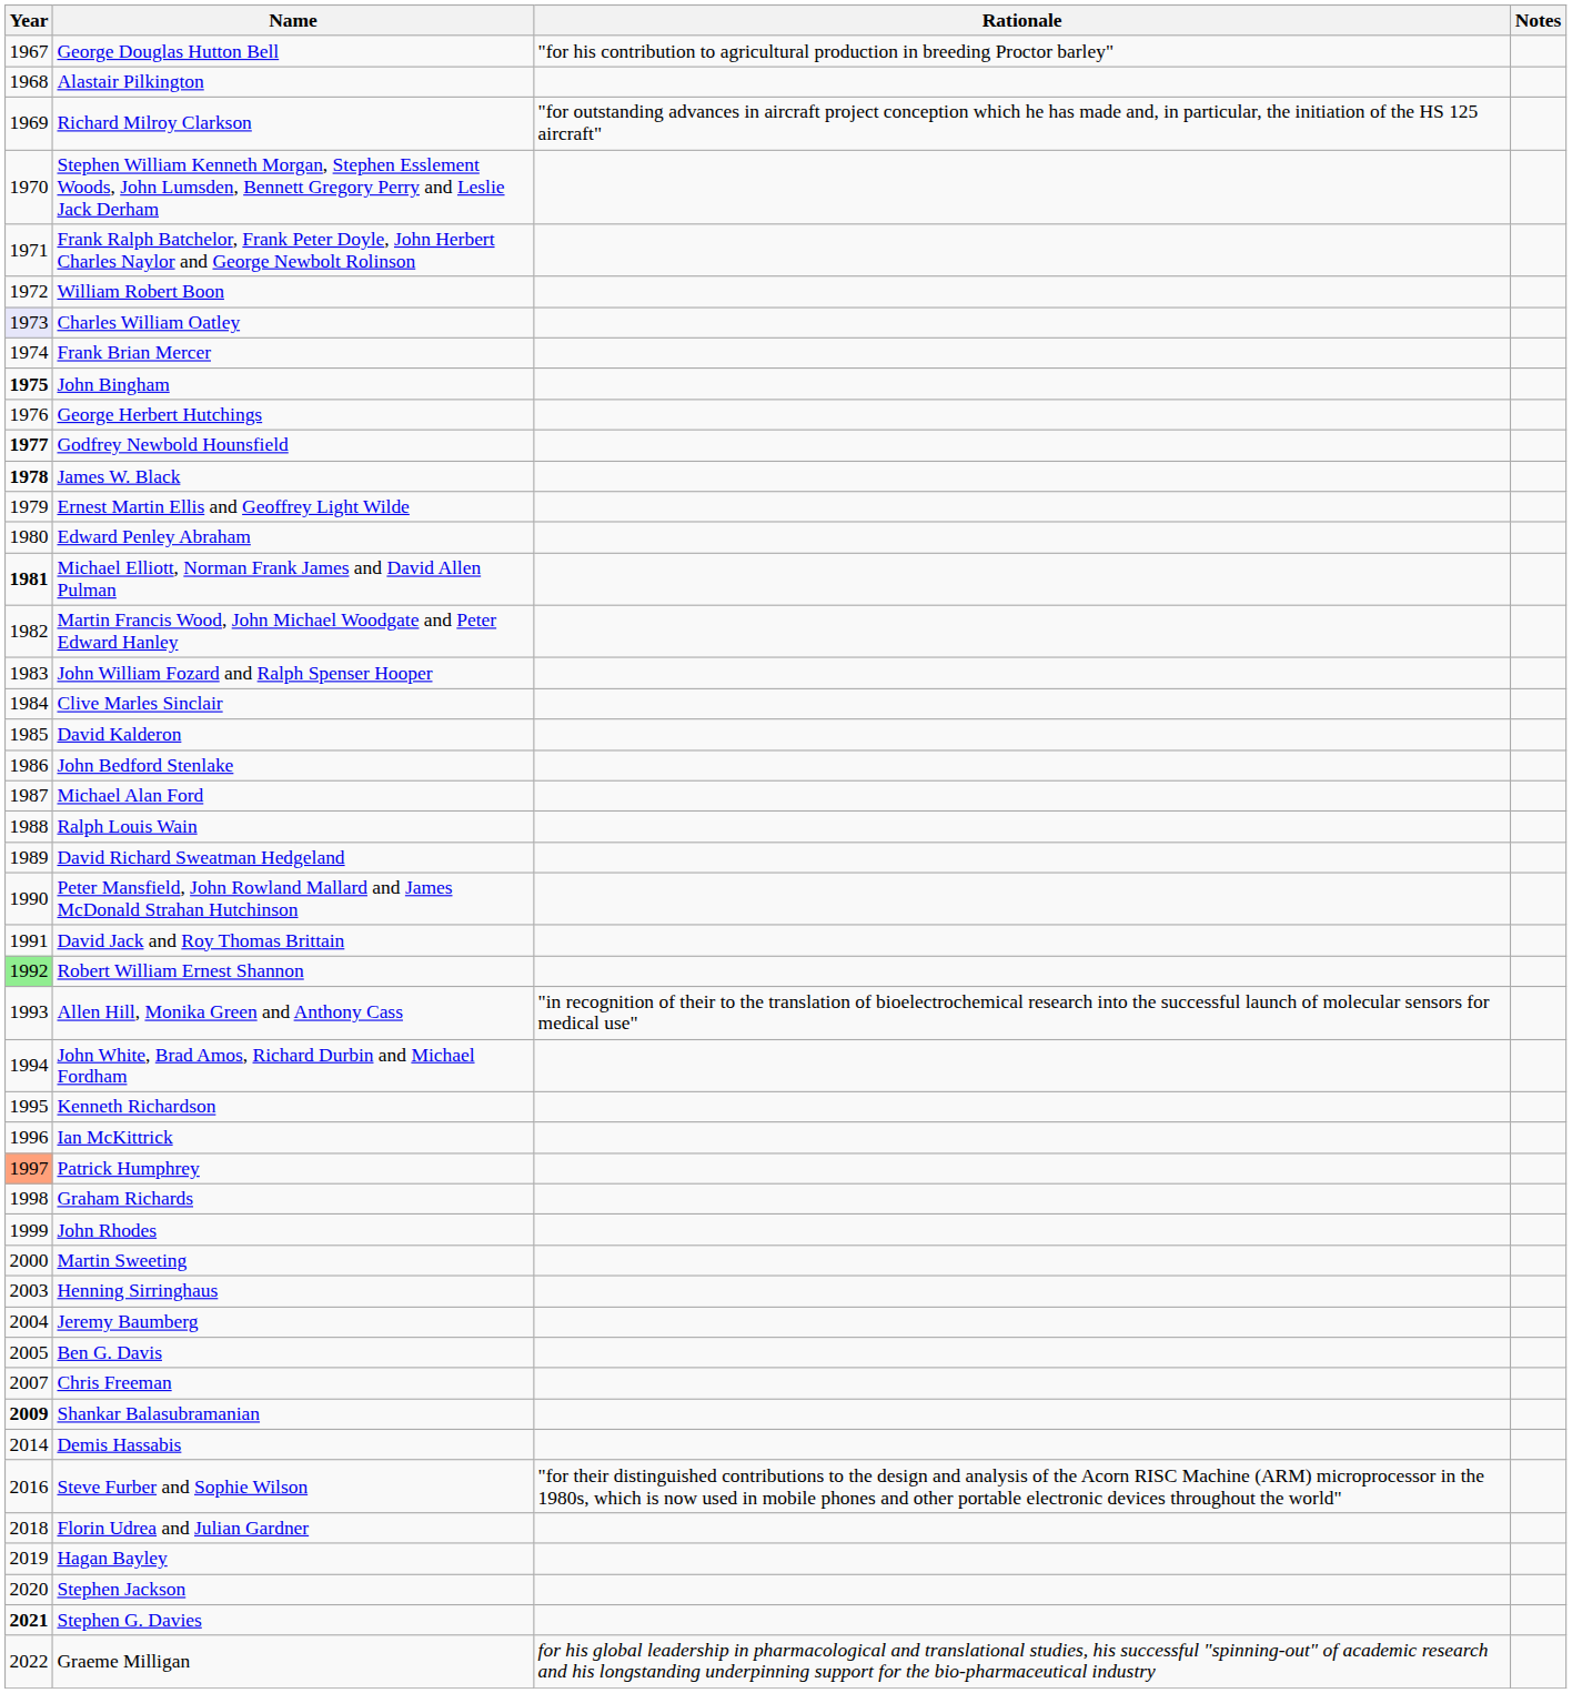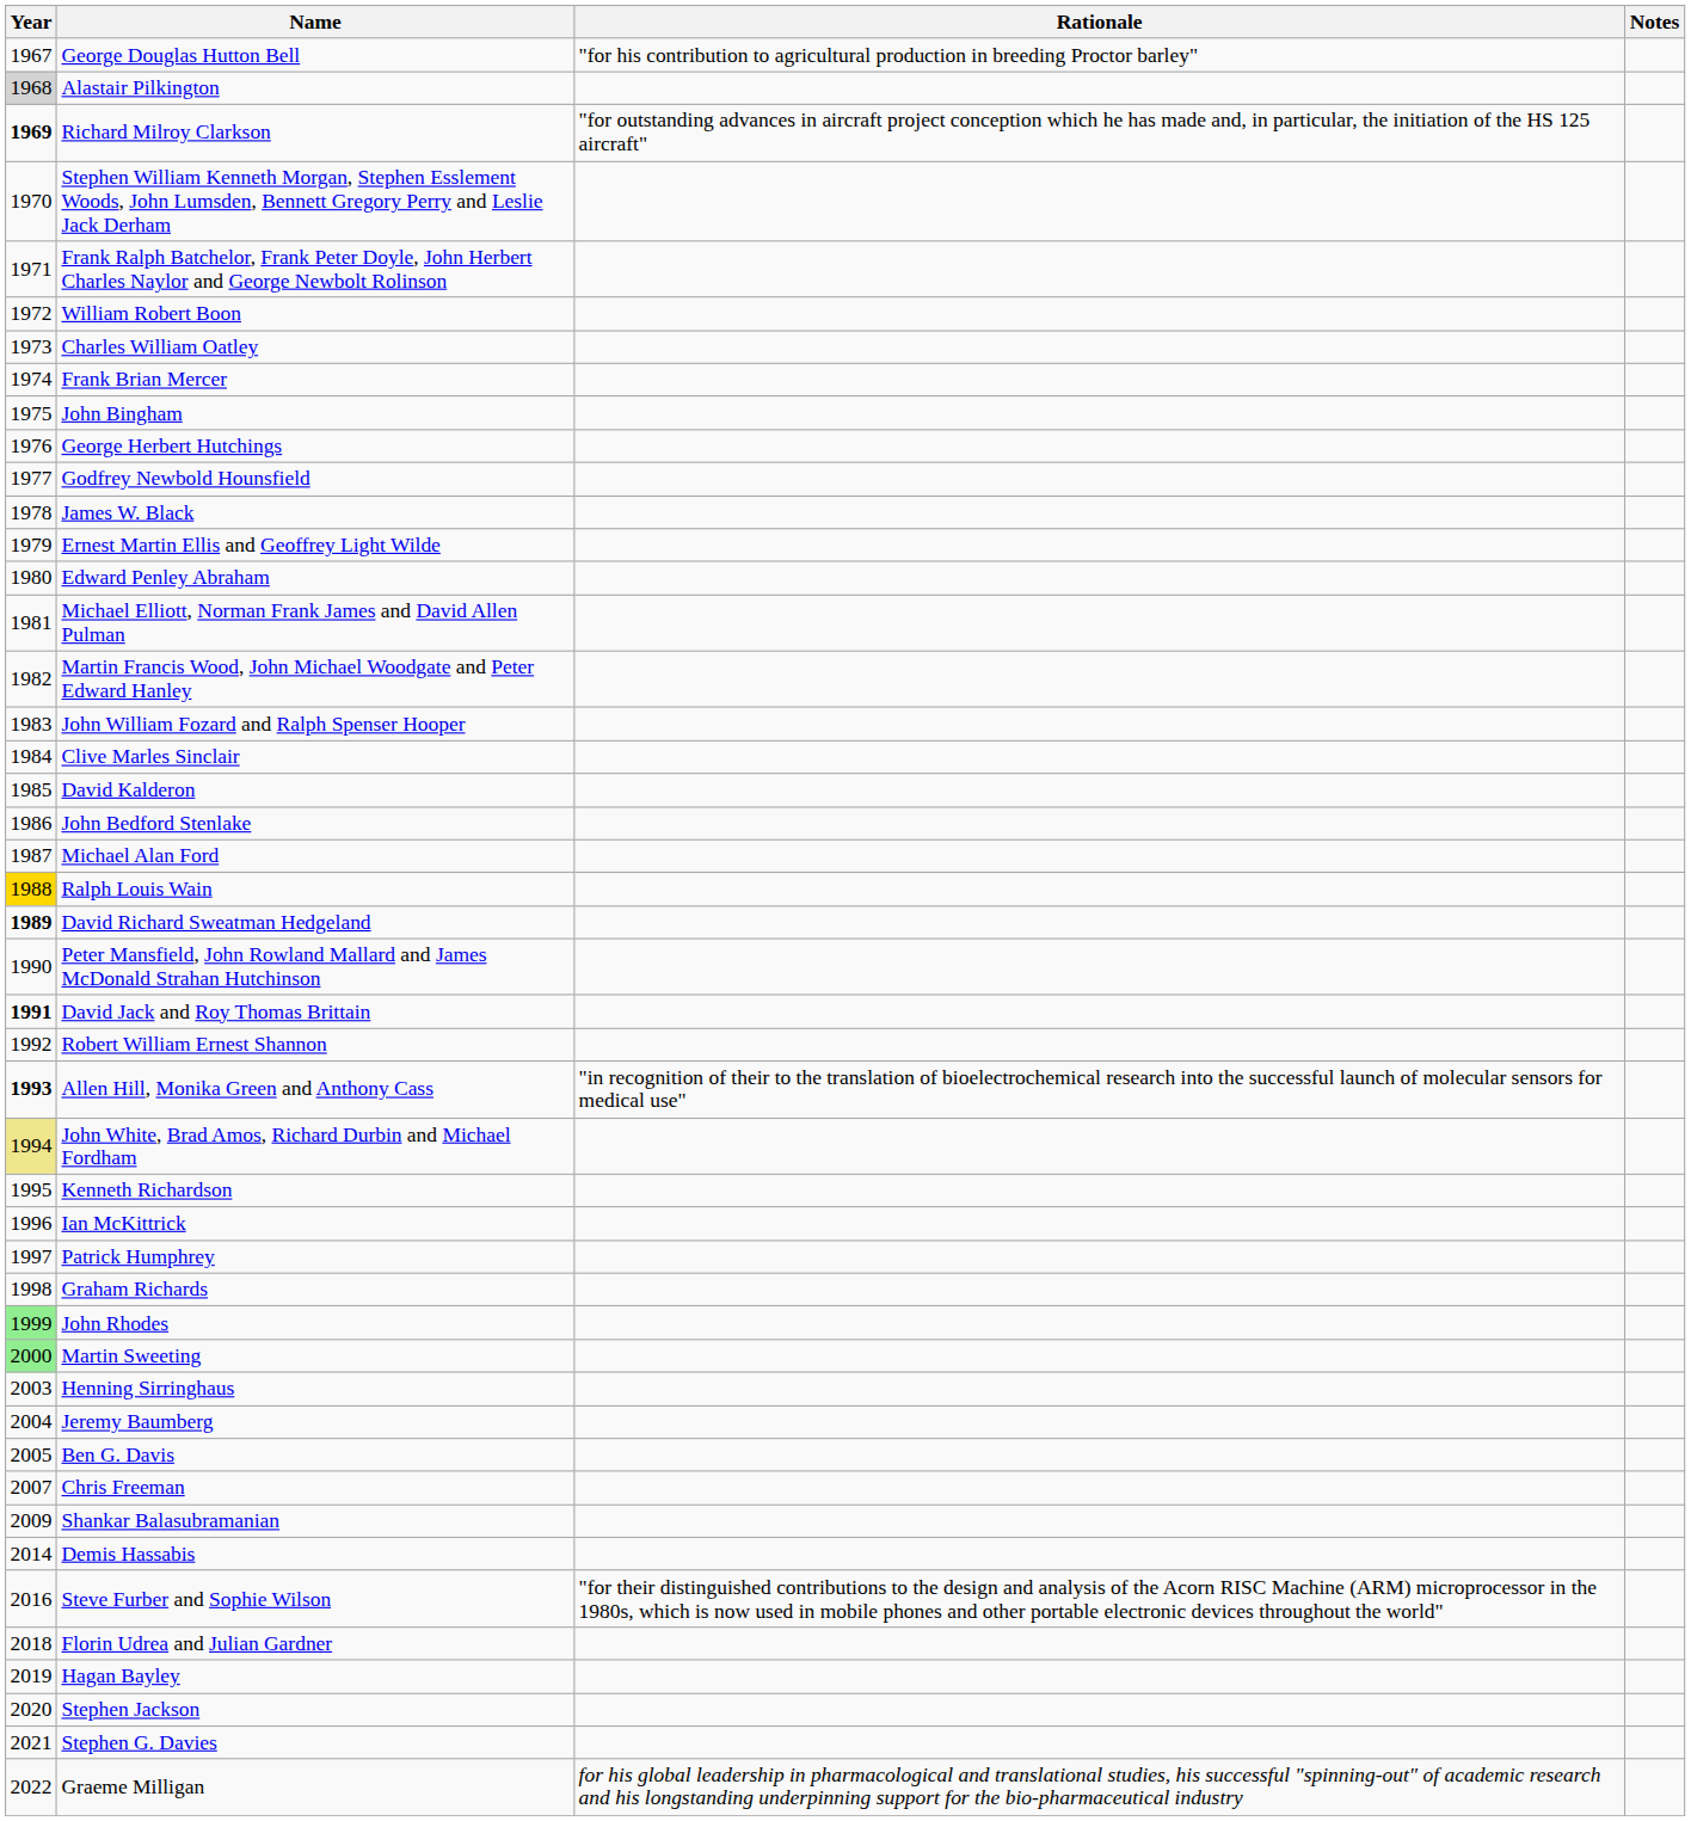 <table class="wikitable sortable" border="1" style="align:left;">
 <tr>
 <th width="4">Year</th>
 <th width="390"class="unsortable">Name</th>
 <th width="800" class="unsortable">Rationale</th>
 <th width="1" class="unsortable">Notes</th>
 </tr>
 <tr>
 <td>1967</td>
 <td><a href='#'>George Douglas Hutton Bell</a></td>
 <td>"for his contribution to agricultural production in breeding Proctor barley"</td>
 <td></td>
 </tr>
 <tr>
-<td>1968</td>
+<td style="background: lightgrey;">1968</td>
 <td><a href='#'>Alastair Pilkington</a></td>
 <td></td>
 <td></td>
 </tr>
 <tr>
-<td>1969</td>
+<td><strong>1969</strong></td>
 <td><a href='#'>Richard Milroy Clarkson</a></td>
 <td>"for outstanding advances in aircraft project conception which he has made and, in particular, the initiation of the HS 125 aircraft"</td>
 <td></td>
 </tr>
 <tr>
 <td>1970</td>
 <td><a href='#'>Stephen William Kenneth Morgan</a>, <a href='#'>Stephen Esslement Woods</a>, <a href='#'>John Lumsden</a>, <a href='#'>Bennett Gregory Perry</a> and <a href='#'>Leslie Jack Derham</a></td>
 <td></td>
 <td></td>
 </tr>
 <tr>
 <td>1971</td>
 <td><a href='#'>Frank Ralph Batchelor</a>, <a href='#'>Frank Peter Doyle</a>, <a href='#'>John Herbert Charles Naylor</a> and <a href='#'>George Newbolt Rolinson</a></td>
 <td></td>
 <td></td>
 </tr>
 <tr>
 <td>1972</td>
 <td><a href='#'>William Robert Boon</a></td>
 <td></td>
 <td></td>
 </tr>
 <tr>
-<td style="background: lavender;">1973</td>
+<td>1973</td>
 <td><a href='#'>Charles William Oatley</a></td>
 <td></td>
 <td></td>
 </tr>
 <tr>
 <td>1974</td>
 <td><a href='#'>Frank Brian Mercer</a></td>
 <td></td>
 <td></td>
 </tr>
 <tr>
-<td><strong>1975</strong></td>
+<td>1975</td>
 <td><a href='#'>John Bingham</a></td>
 <td></td>
 <td></td>
 </tr>
 <tr>
 <td>1976</td>
 <td><a href='#'>George Herbert Hutchings</a></td>
 <td></td>
 <td></td>
 </tr>
 <tr>
-<td><strong>1977</strong></td>
+<td>1977</td>
 <td><a href='#'>Godfrey Newbold Hounsfield</a></td>
 <td></td>
 <td></td>
 </tr>
 <tr>
-<td><strong>1978</strong></td>
+<td>1978</td>
 <td><a href='#'>James W. Black</a></td>
 <td></td>
 <td></td>
 </tr>
 <tr>
 <td>1979</td>
 <td><a href='#'>Ernest Martin Ellis</a> and <a href='#'>Geoffrey Light Wilde</a></td>
 <td></td>
 <td></td>
 </tr>
 <tr>
 <td>1980</td>
 <td><a href='#'>Edward Penley Abraham</a></td>
 <td></td>
 <td></td>
 </tr>
 <tr>
-<td><strong>1981</strong></td>
+<td>1981</td>
 <td><a href='#'>Michael Elliott</a>, <a href='#'>Norman Frank James</a> and <a href='#'>David Allen Pulman</a></td>
 <td></td>
 <td></td>
 </tr>
 <tr>
 <td>1982</td>
 <td><a href='#'>Martin Francis Wood</a>, <a href='#'>John Michael Woodgate</a> and <a href='#'>Peter Edward Hanley</a></td>
 <td></td>
 <td></td>
 </tr>
 <tr>
 <td>1983</td>
 <td><a href='#'>John William Fozard</a> and <a href='#'>Ralph Spenser Hooper</a></td>
 <td></td>
 <td></td>
 </tr>
 <tr>
 <td>1984</td>
 <td><a href='#'>Clive Marles Sinclair</a></td>
 <td></td>
 <td></td>
 </tr>
 <tr>
 <td>1985</td>
 <td><a href='#'>David Kalderon</a></td>
 <td></td>
 <td></td>
 </tr>
 <tr>
 <td>1986</td>
 <td><a href='#'>John Bedford Stenlake</a></td>
 <td></td>
 <td></td>
 </tr>
 <tr>
 <td>1987</td>
 <td><a href='#'>Michael Alan Ford</a></td>
 <td></td>
 <td></td>
 </tr>
 <tr>
-<td>1988</td>
+<td style="background: gold;">1988</td>
 <td><a href='#'>Ralph Louis Wain</a></td>
 <td></td>
 <td></td>
 </tr>
 <tr>
-<td>1989</td>
+<td><strong>1989</strong></td>
 <td><a href='#'>David Richard Sweatman Hedgeland</a></td>
 <td></td>
 <td></td>
 </tr>
 <tr>
 <td>1990</td>
 <td><a href='#'>Peter Mansfield</a>, <a href='#'>John Rowland Mallard</a> and <a href='#'>James McDonald Strahan Hutchinson</a></td>
 <td></td>
 <td></td>
 </tr>
 <tr>
-<td>1991</td>
+<td><strong>1991</strong></td>
 <td><a href='#'>David Jack</a> and <a href='#'>Roy Thomas Brittain</a></td>
 <td></td>
 <td></td>
 </tr>
 <tr>
-<td style="background: lightgreen;">1992</td>
+<td>1992</td>
 <td><a href='#'>Robert William Ernest Shannon</a></td>
 <td></td>
 <td></td>
 </tr>
 <tr>
-<td>1993</td>
+<td><strong>1993</strong></td>
 <td><a href='#'>Allen Hill</a>, <a href='#'>Monika Green</a> and <a href='#'>Anthony Cass</a></td>
 <td>"in recognition of their to the translation of bioelectrochemical research into the successful launch of molecular sensors for medical use"</td>
 <td></td>
 </tr>
 <tr>
-<td>1994</td>
+<td style="background: khaki;">1994</td>
 <td><a href='#'>John White</a>, <a href='#'>Brad Amos</a>, <a href='#'>Richard Durbin</a> and <a href='#'>Michael Fordham</a></td>
 <td></td>
 <td></td>
 </tr>
 <tr>
 <td>1995</td>
 <td><a href='#'>Kenneth Richardson</a></td>
 <td></td>
 <td></td>
 </tr>
 <tr>
 <td>1996</td>
 <td><a href='#'>Ian McKittrick</a></td>
 <td></td>
 <td></td>
 </tr>
 <tr>
-<td style="background: lightsalmon;">1997</td>
+<td>1997</td>
 <td><a href='#'>Patrick Humphrey</a></td>
 <td></td>
 <td></td>
 </tr>
 <tr>
 <td>1998</td>
 <td><a href='#'>Graham Richards</a></td>
 <td></td>
 <td></td>
 </tr>
 <tr>
-<td>1999</td>
+<td style="background: lightgreen;">1999</td>
 <td><a href='#'>John Rhodes</a></td>
 <td></td>
 <td></td>
 </tr>
 <tr>
-<td>2000</td>
+<td style="background: lightgreen;">2000</td>
 <td><a href='#'>Martin Sweeting</a></td>
 <td></td>
 <td></td>
 </tr>
 <tr>
 <td>2003</td>
 <td><a href='#'>Henning Sirringhaus</a></td>
 <td></td>
 <td></td>
 </tr>
 <tr>
 <td>2004</td>
 <td><a href='#'>Jeremy Baumberg</a></td>
 <td></td>
 <td></td>
 </tr>
 <tr>
 <td>2005</td>
 <td><a href='#'>Ben G. Davis</a></td>
 <td></td>
 <td></td>
 </tr>
 <tr>
 <td>2007</td>
 <td><a href='#'>Chris Freeman</a></td>
 <td></td>
 <td></td>
 </tr>
 <tr>
-<td><strong>2009</strong></td>
+<td>2009</td>
 <td><a href='#'>Shankar Balasubramanian</a></td>
 <td></td>
 <td></td>
 </tr>
 <tr>
 <td>2014</td>
 <td><a href='#'>Demis Hassabis</a></td>
 <td></td>
 <td></td>
 </tr>
 <tr>
 <td>2016</td>
 <td><a href='#'>Steve Furber</a> and <a href='#'>Sophie Wilson</a></td>
 <td>"for their distinguished contributions to the design and analysis of the Acorn RISC Machine (ARM) microprocessor in the 1980s, which is now used in mobile phones and other portable electronic devices throughout the world"</td>
 <td></td>
 </tr>
 <tr>
 <td>2018</td>
 <td><a href='#'>Florin Udrea</a> and <a href='#'>Julian Gardner</a></td>
 <td></td>
 <td></td>
 </tr>
 <tr>
 <td>2019</td>
 <td><a href='#'>Hagan Bayley</a></td>
 <td></td>
 <td></td>
 </tr>
 <tr>
 <td>2020</td>
 <td><a href='#'>Stephen Jackson</a></td>
 <td></td>
 <td></td>
 </tr>
 <tr>
-<td><strong>2021</strong></td>
+<td>2021</td>
 <td><a href='#'>Stephen G. Davies</a></td>
 <td></td>
 <td></td>
 </tr>
 <tr>
 <td>2022</td>
 <td>Graeme Milligan</td>
 <td><em>for his global leadership in pharmacological and translational studies, his successful "spinning-out" of academic research and his longstanding underpinning support for the bio-pharmaceutical industry</em></td>
 <td></td>
 </tr>
 </table>
